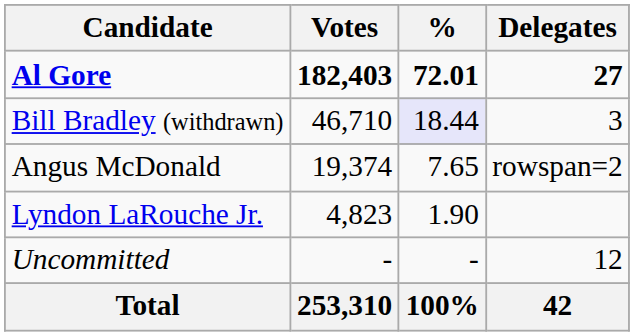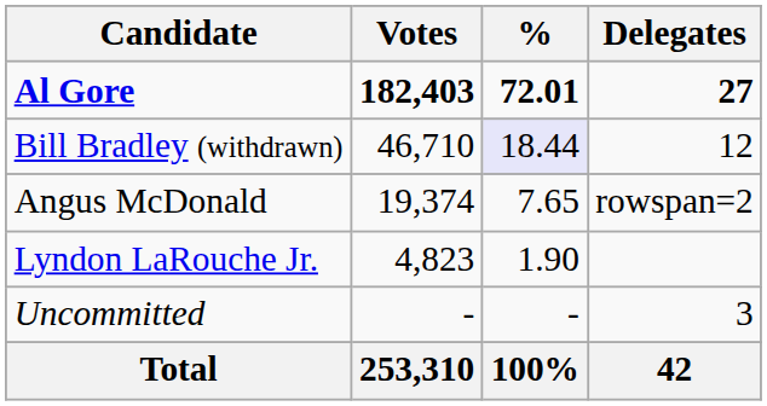 <table class="wikitable sortable" style="text-align:right;">
 <tr>
 <th>Candidate</th>
 <th>Votes</th>
 <th>%</th>
 <th>Delegates</th>
 </tr>
 <tr>
 <td style="text-align:left;" data-sort-value="Gore, Al"><strong><a href='#'>Al Gore</a></strong></td>
 <td><strong>182,403</strong></td>
 <td><strong>72.01</strong></td>
 <td><strong>27</strong></td>
 </tr>
 <tr>
 <td style="text-align:left;" data-sort-value="Bradley, Bill"><a href='#'>Bill Bradley</a> <small>(withdrawn)</small></td>
 <td>46,710</td>
 <td style="background: lavender;">18.44</td>
-<td>3</td>
+<td>12</td>
 </tr>
 <tr>
 <td style="text-align:left;" data-sort-value="McDonald, Angus">Angus McDonald</td>
 <td>19,374</td>
 <td>7.65</td>
 <td>rowspan=2 </td>
 </tr>
 <tr>
 <td style="text-align:left;" data-sort-value="LaRouche Jr., Lyndon"><a href='#'>Lyndon LaRouche Jr.</a></td>
 <td>4,823</td>
 <td>1.90</td>
 </tr>
 <tr>
 <td style="text-align:left;" data-sort-value="ZZZ"><em>Uncommitted</em></td>
 <td>-</td>
 <td>-</td>
-<td>12</td>
+<td>3</td>
 </tr>
 <tr>
 <th>Total</th>
 <th>253,310</th>
 <th>100%</th>
 <th>42</th>
 </tr>
 </table>
